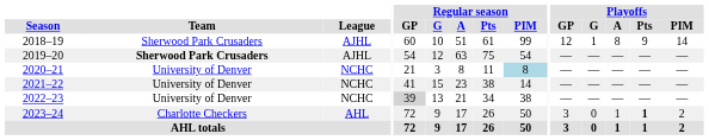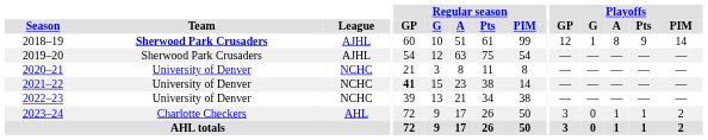 <table border="0" cellpadding="1" cellspacing="0" style="text-align:center; width:60em;">
 <tr bgcolor="e0e0e0">
 <th colspan="3" bgcolor="ffffff"></th>
 <th rowspan="99" bgcolor="ffffff"></th>
 <th colspan="5"><a href='#'>Regular season</a></th>
 <th rowspan="99" bgcolor="ffffff"></th>
 <th colspan="5"><a href='#'>Playoffs</a></th>
 </tr>
 <tr bgcolor="e0e0e0">
 <th><a href='#'>Season</a></th>
 <th>Team</th>
 <th>League</th>
 <th>GP</th>
 <th><a href='#'>G</a></th>
 <th><a href='#'>A</a></th>
 <th><a href='#'>Pts</a></th>
 <th><a href='#'>PIM</a></th>
 <th>GP</th>
 <th>G</th>
 <th>A</th>
 <th>Pts</th>
 <th>PIM</th>
 </tr>
 <tr>
 <td 2018–19 AJHL season>2018–19</td>
-<td><a href='#'>Sherwood Park Crusaders</a></td>
+<td><strong><a href='#'>Sherwood Park Crusaders</a></strong></td>
 <td><a href='#'>AJHL</a></td>
 <td>60</td>
 <td>10</td>
 <td>51</td>
 <td>61</td>
 <td>99</td>
 <td>12</td>
 <td>1</td>
 <td>8</td>
 <td>9</td>
 <td>14</td>
 </tr>
 <tr bgcolor="f0f0f0">
 <td 2019–20 AJHL season>2019–20</td>
-<td><strong>Sherwood Park Crusaders</strong></td>
+<td>Sherwood Park Crusaders</td>
 <td>AJHL</td>
 <td>54</td>
 <td>12</td>
 <td>63</td>
 <td>75</td>
 <td>54</td>
 <td>—</td>
 <td>—</td>
 <td>—</td>
 <td>—</td>
 <td>—</td>
 </tr>
 <tr>
 <td><a href='#'>2020–21</a></td>
 <td><a href='#'>University of Denver</a></td>
 <td><a href='#'>NCHC</a></td>
 <td>21</td>
 <td>3</td>
 <td>8</td>
 <td>11</td>
-<td style="background: lightblue;">8</td>
+<td>8</td>
 <td>—</td>
 <td>—</td>
 <td>—</td>
 <td>—</td>
 <td>—</td>
 </tr>
 <tr bgcolor="f0f0f0">
 <td><a href='#'>2021–22</a></td>
 <td>University of Denver</td>
 <td>NCHC</td>
-<td>41</td>
+<td><strong>41</strong></td>
 <td>15</td>
 <td>23</td>
 <td>38</td>
 <td>14</td>
 <td>—</td>
 <td>—</td>
 <td>—</td>
 <td>—</td>
 <td>—</td>
 </tr>
 <tr>
 <td><a href='#'>2022–23</a></td>
 <td>University of Denver</td>
 <td>NCHC</td>
-<td style="background: lightgrey;">39</td>
+<td>39</td>
 <td>13</td>
 <td>21</td>
 <td>34</td>
 <td>38</td>
 <td>—</td>
 <td>—</td>
 <td>—</td>
 <td>—</td>
 <td>—</td>
 </tr>
 <tr bgcolor="f0f0f0">
 <td><a href='#'>2023–24</a></td>
 <td><a href='#'>Charlotte Checkers</a></td>
 <td><a href='#'>AHL</a></td>
 <td>72</td>
 <td>9</td>
 <td>17</td>
 <td>26</td>
 <td>50</td>
 <td>3</td>
 <td>0</td>
 <td>1</td>
-<td><strong>1</strong></td>
+<td>1</td>
 <td>2</td>
 </tr>
 <tr bgcolor="e0e0e0">
 <th colspan="3">AHL totals</th>
 <th>72</th>
 <th>9</th>
 <th>17</th>
 <th>26</th>
 <th>50</th>
 <th>3</th>
 <th>0</th>
 <th>1</th>
 <th>1</th>
 <th>2</th>
 </tr>
 </table>
